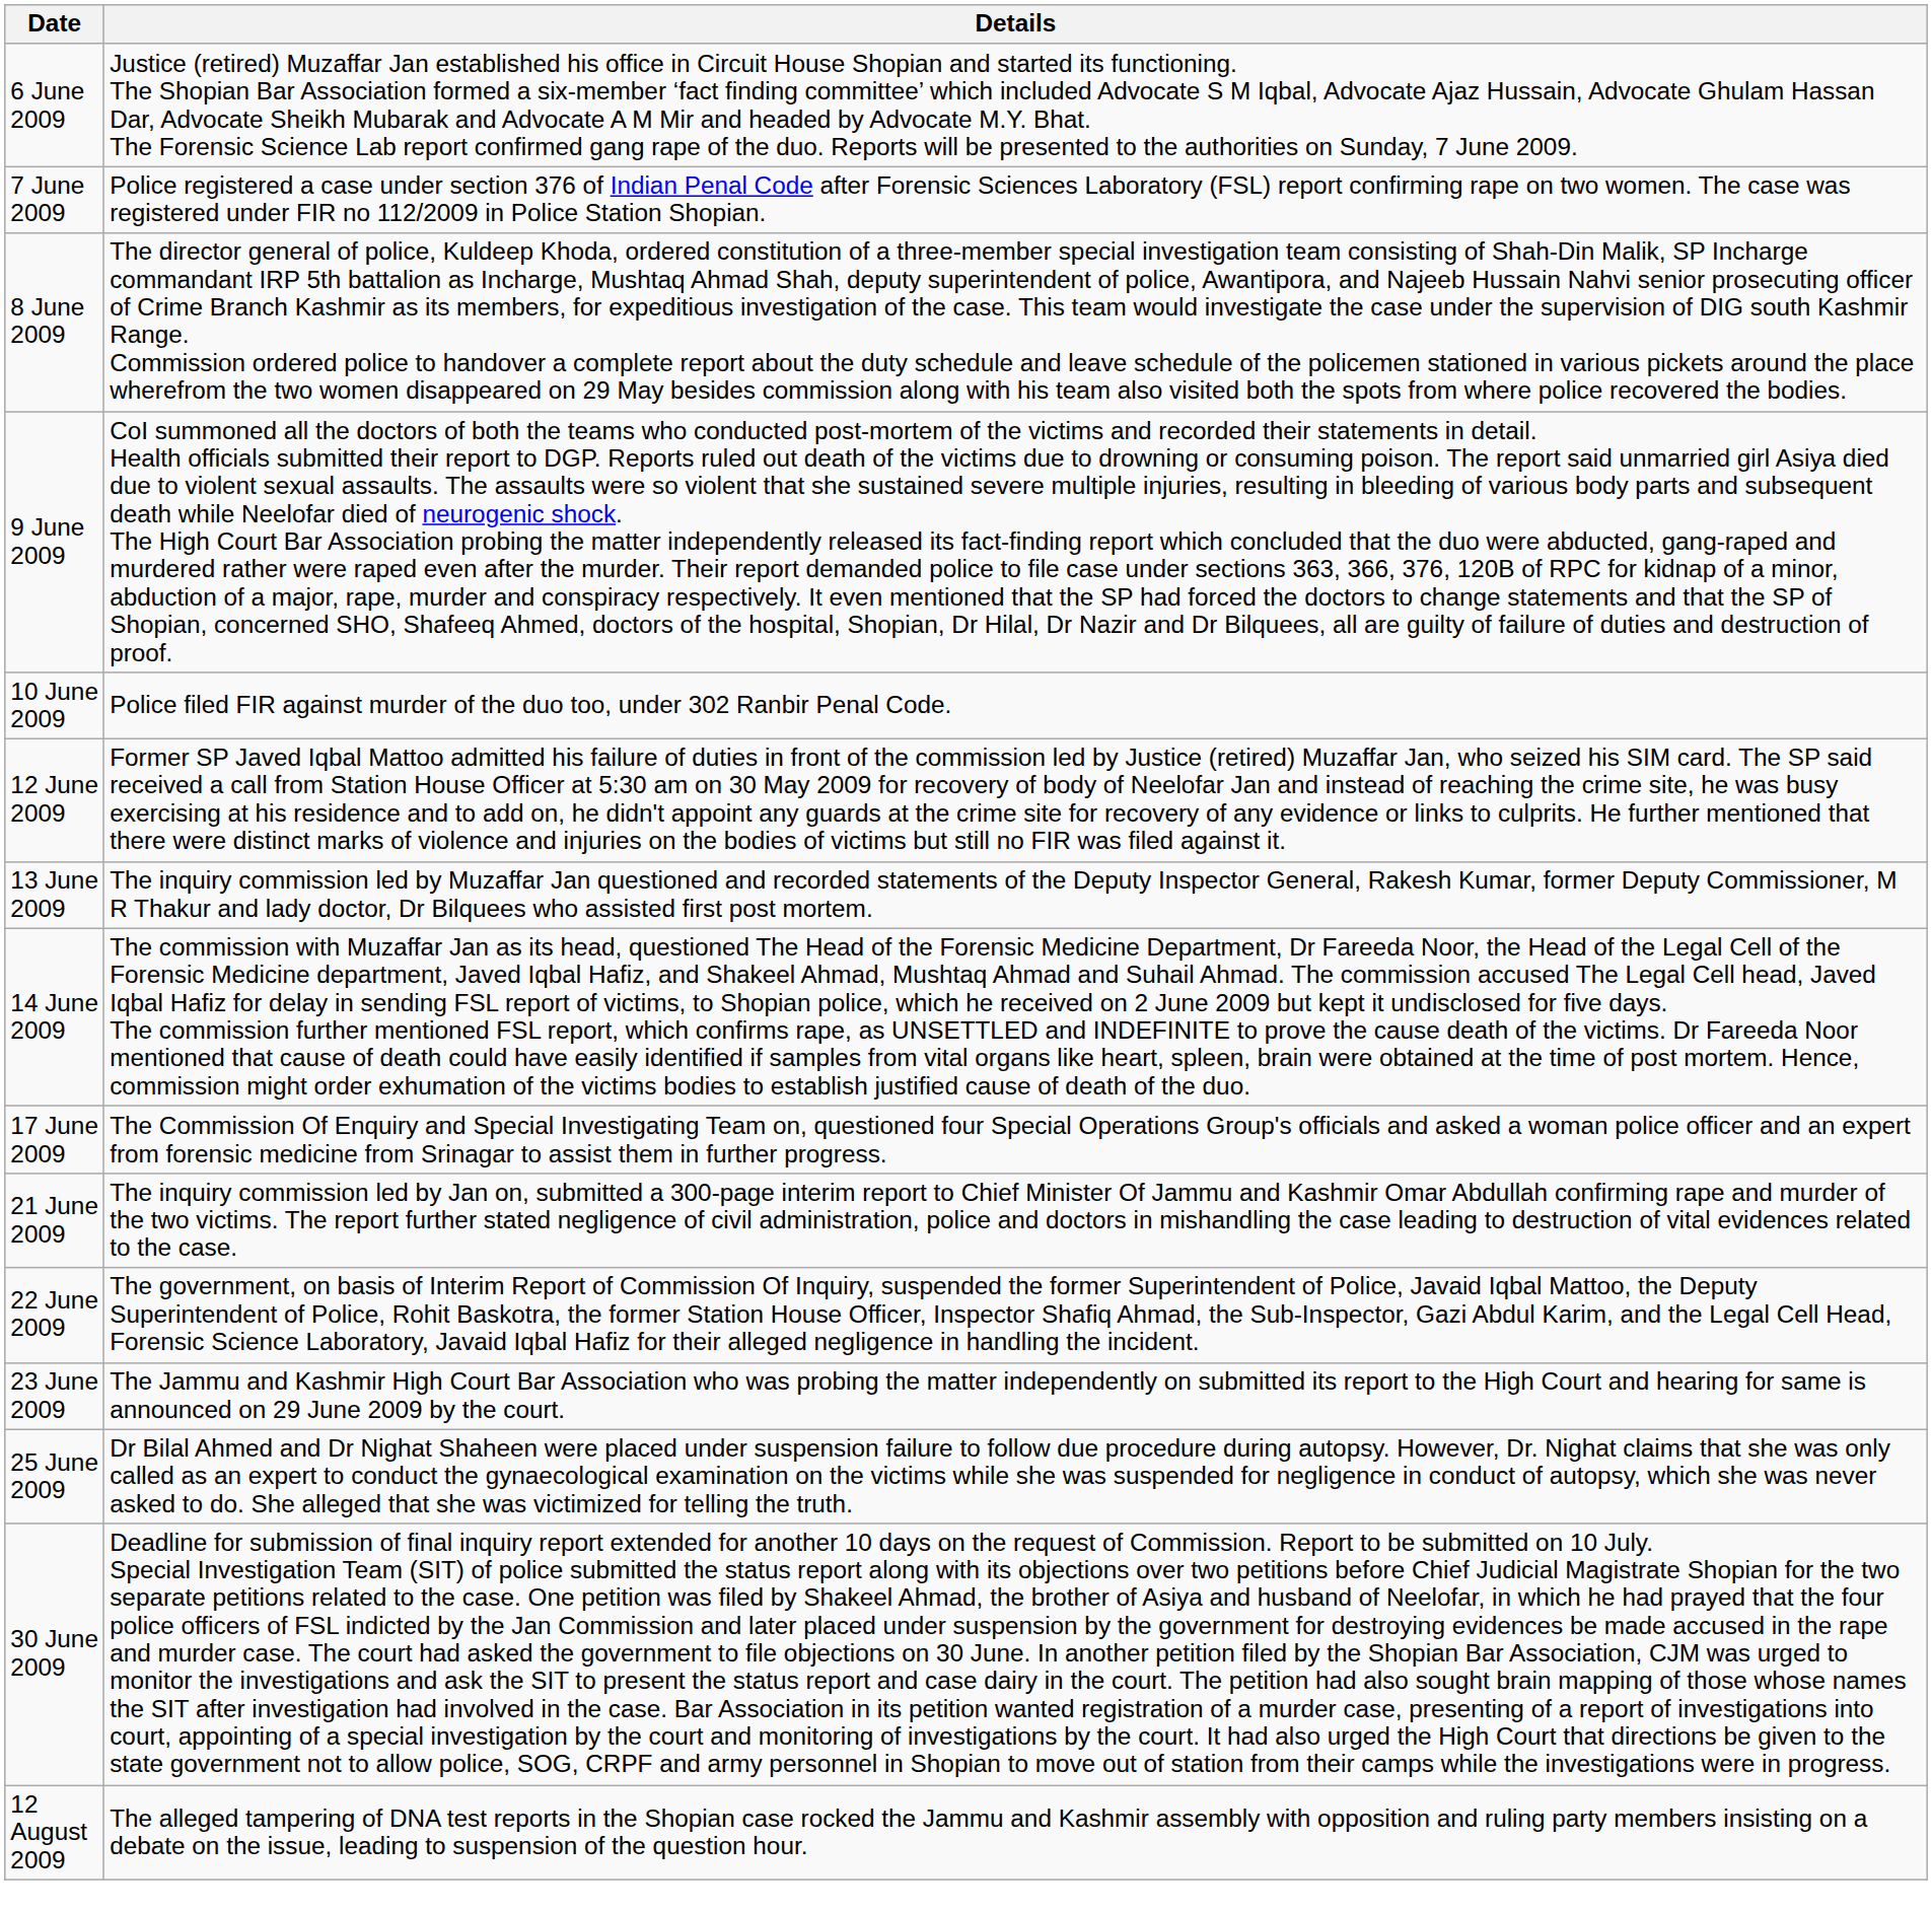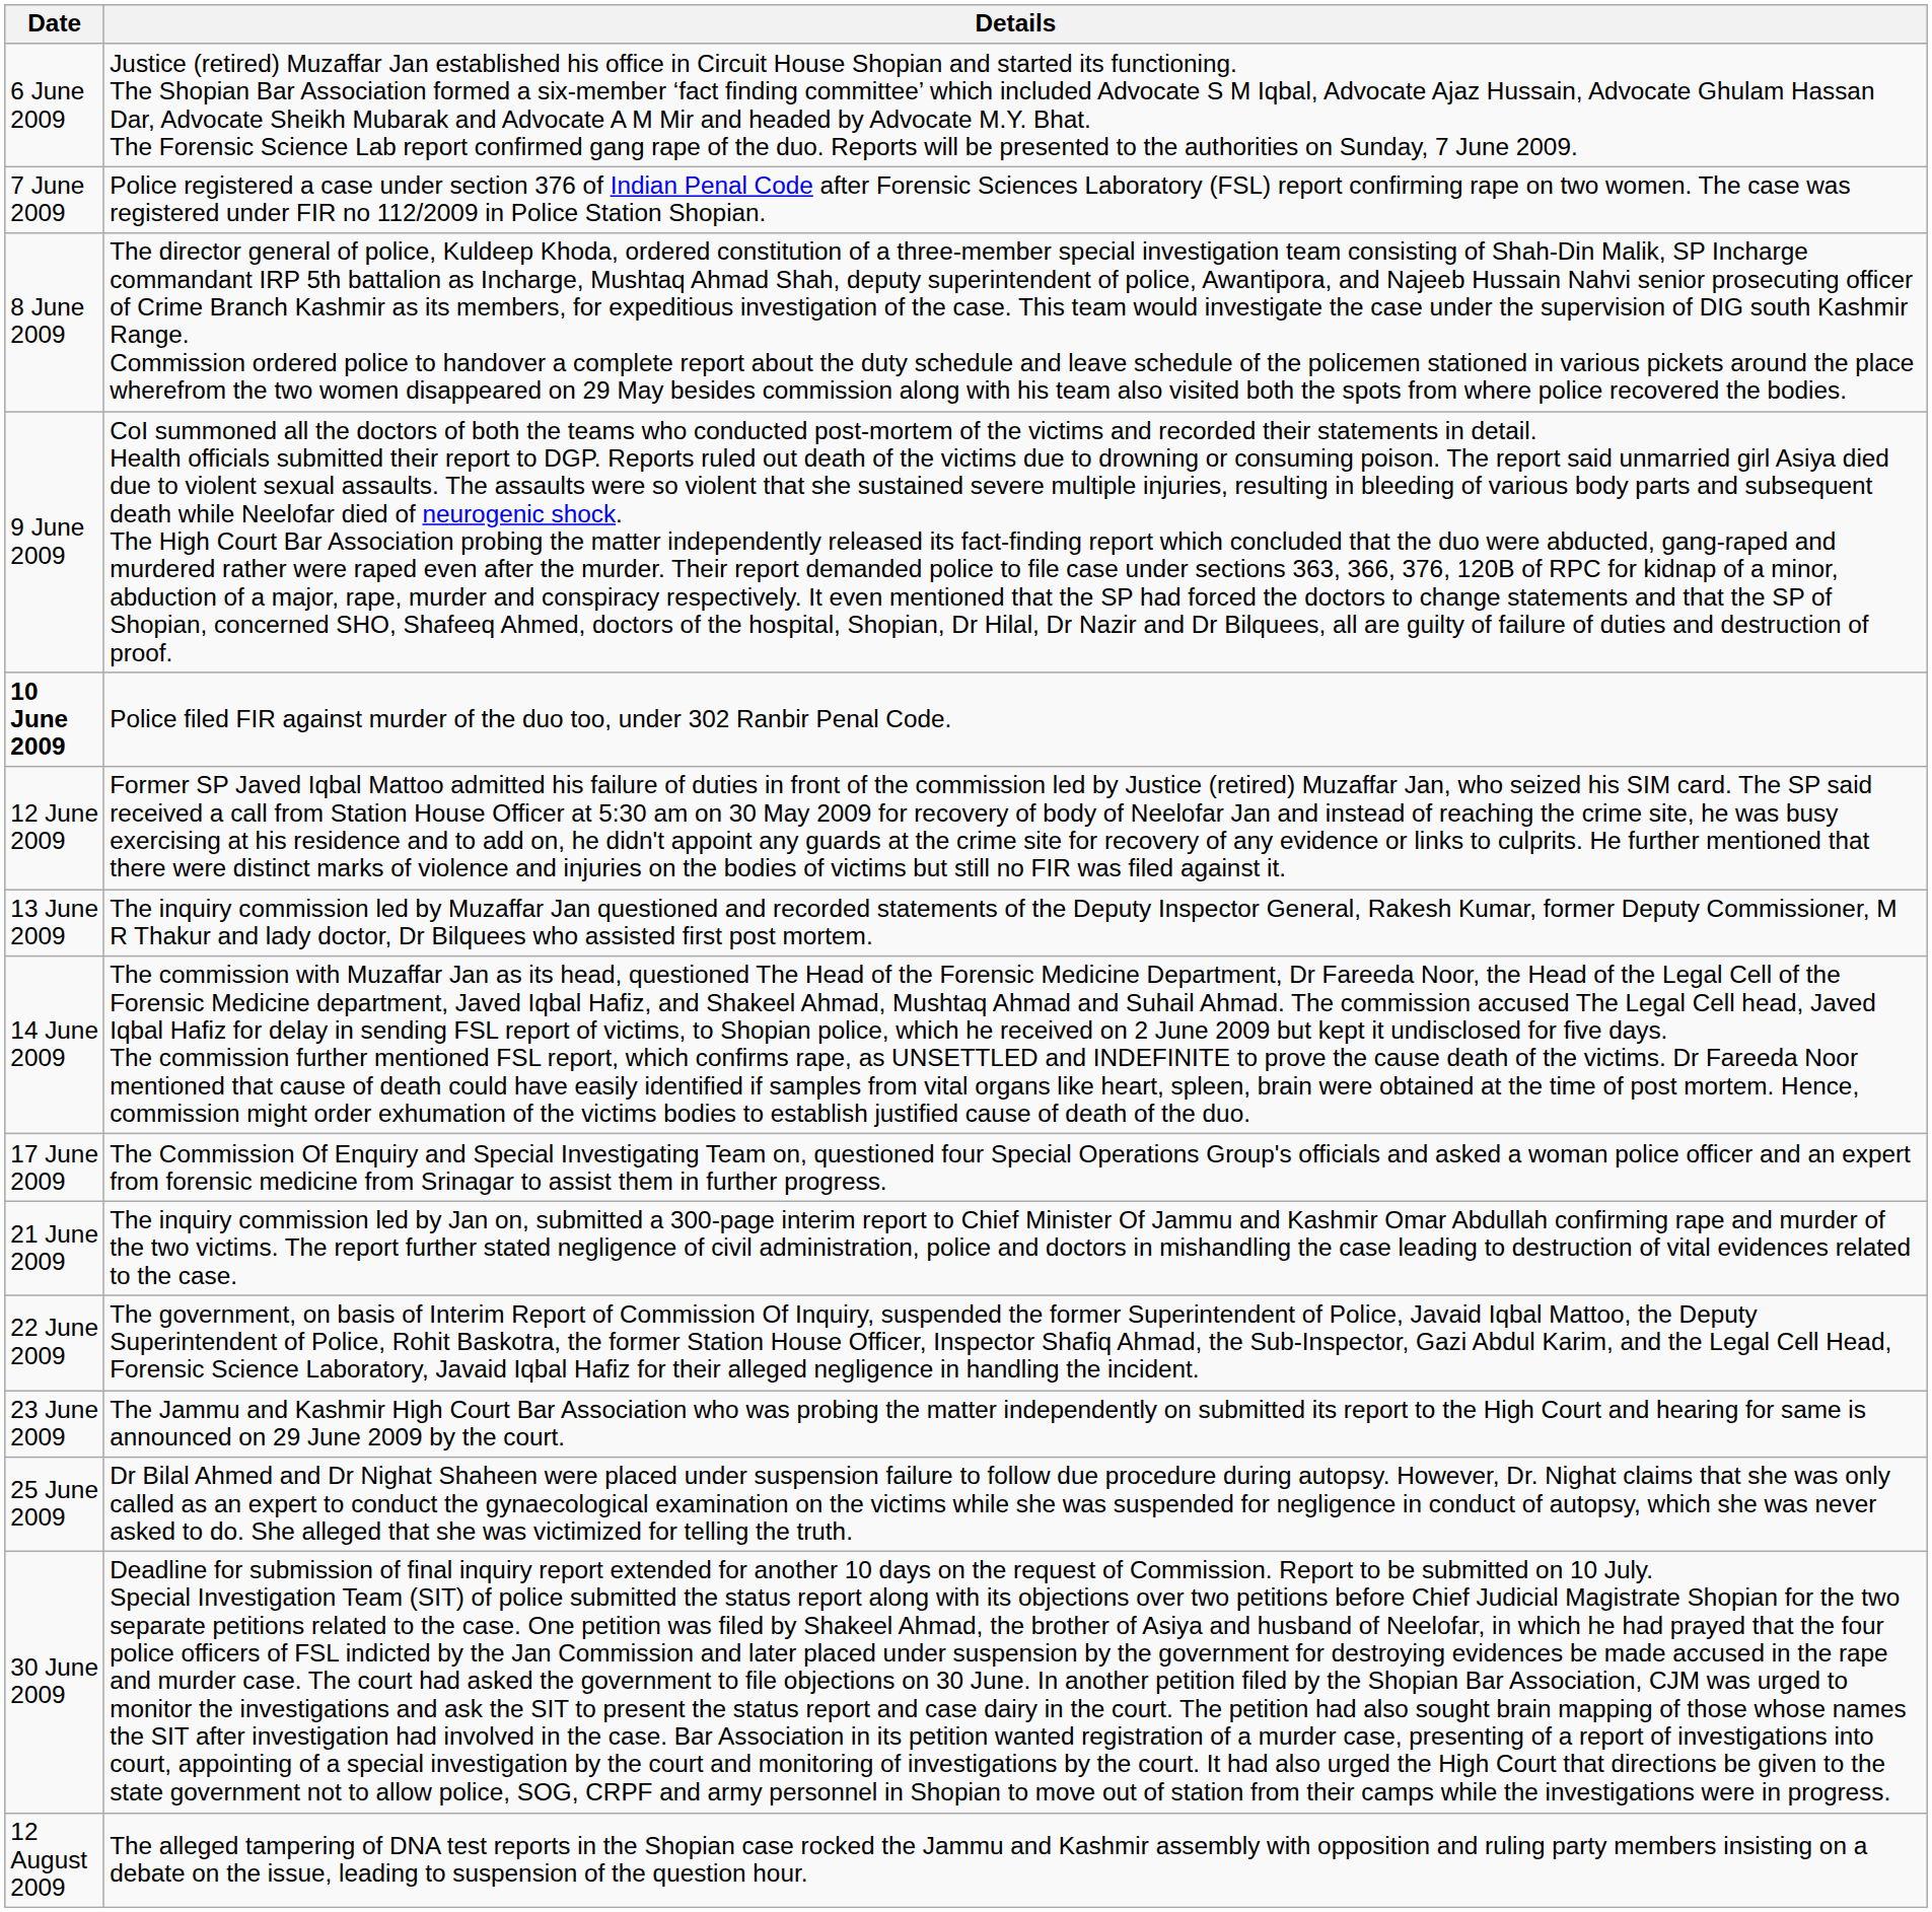 <table class="wikitable">
 <tr>
 <th>Date</th>
 <th>Details</th>
 </tr>
 <tr>
 <td>6 June 2009</td>
 <td>Justice (retired) Muzaffar Jan established his office in Circuit House Shopian and started its functioning.<br>The Shopian Bar Association formed a six-member ‘fact finding committee’ which included Advocate S M Iqbal, Advocate Ajaz Hussain, Advocate Ghulam Hassan Dar, Advocate Sheikh Mubarak and Advocate A M Mir and headed by Advocate M.Y. Bhat.<br>The Forensic Science Lab report confirmed gang rape of the duo. Reports will be presented to the authorities on Sunday, 7 June 2009.</td>
 </tr>
 <tr>
 <td>7 June 2009</td>
 <td>Police registered a case under section 376 of <a href='#'>Indian Penal Code</a> after Forensic Sciences Laboratory (FSL) report confirming rape on two women. The case was registered under FIR no 112/2009 in Police Station Shopian.</td>
 </tr>
 <tr>
 <td>8 June 2009</td>
 <td>The director general of police, Kuldeep Khoda, ordered constitution of a three-member special investigation team consisting of Shah-Din Malik, SP Incharge commandant IRP 5th battalion as Incharge, Mushtaq Ahmad Shah, deputy superintendent of police, Awantipora, and Najeeb Hussain Nahvi senior prosecuting officer of Crime Branch Kashmir as its members, for expeditious investigation of the case. This team would investigate the case under the supervision of DIG south Kashmir Range.<br>Commission ordered police to handover a complete report about the duty schedule and leave schedule of the policemen stationed in various pickets around the place wherefrom the two women disappeared on 29 May besides commission along with his team also visited both the spots from where police recovered the bodies.</td>
 </tr>
 <tr>
 <td>9 June 2009</td>
 <td>CoI summoned all the doctors of both the teams who conducted post-mortem of the victims and recorded their statements in detail.<br>Health officials submitted their report to DGP. Reports ruled out death of the victims due to drowning or consuming poison. The report said unmarried girl Asiya died due to violent sexual assaults. The assaults were so violent that she sustained severe multiple injuries, resulting in bleeding of various body parts and subsequent death while Neelofar died of <a href='#'>neurogenic shock</a>.<br>The High Court Bar Association probing the matter independently released its fact-finding report which concluded that the duo were abducted, gang-raped and murdered rather were raped even after the murder. Their report demanded police to file case under sections 363, 366, 376, 120B of RPC for kidnap of a minor, abduction of a major, rape, murder and conspiracy respectively. It even mentioned that the SP had forced the doctors to change statements and that the SP of Shopian, concerned SHO, Shafeeq Ahmed, doctors of the hospital, Shopian, Dr Hilal, Dr Nazir and Dr Bilquees, all are guilty of failure of duties and destruction of proof.</td>
 </tr>
 <tr>
-<td>10 June 2009</td>
+<td><strong>10 June 2009</strong></td>
 <td>Police filed FIR against murder of the duo too, under 302 Ranbir Penal Code.</td>
 </tr>
 <tr>
 <td>12 June 2009</td>
 <td>Former SP Javed Iqbal Mattoo admitted his failure of duties in front of the commission led by Justice (retired) Muzaffar Jan, who seized his SIM card. The SP said received a call from Station House Officer at 5:30 am on 30 May 2009 for recovery of body of Neelofar Jan and instead of reaching the crime site, he was busy exercising at his residence and to add on, he didn't appoint any guards at the crime site for recovery of any evidence or links to culprits. He further mentioned that there were distinct marks of violence and injuries on the bodies of victims but still no FIR was filed against it.</td>
 </tr>
 <tr>
 <td>13 June 2009</td>
 <td>The inquiry commission led by Muzaffar Jan questioned and recorded statements of the Deputy Inspector General, Rakesh Kumar, former Deputy Commissioner, M R Thakur and lady doctor, Dr Bilquees who assisted first post mortem.</td>
 </tr>
 <tr>
 <td>14 June 2009</td>
 <td>The commission with Muzaffar Jan as its head, questioned The Head of the Forensic Medicine Department, Dr Fareeda Noor, the Head of the Legal Cell of the Forensic Medicine department, Javed Iqbal Hafiz, and Shakeel Ahmad, Mushtaq Ahmad and Suhail Ahmad. The commission accused The Legal Cell head, Javed Iqbal Hafiz for delay in sending FSL report of victims, to Shopian police, which he received on 2 June 2009 but kept it undisclosed for five days.<br>The commission further mentioned FSL report, which confirms rape, as UNSETTLED and INDEFINITE to prove the cause death of the victims. Dr Fareeda Noor mentioned that cause of death could have easily identified if samples from vital organs like heart, spleen, brain were obtained at the time of post mortem. Hence, commission might order exhumation of the victims bodies to establish justified cause of death of the duo.</td>
 </tr>
 <tr>
 <td>17 June 2009</td>
 <td>The Commission Of Enquiry and Special Investigating Team on, questioned four Special Operations Group's officials and asked a woman police officer and an expert from forensic medicine from Srinagar to assist them in further progress.</td>
 </tr>
 <tr>
 <td>21 June 2009</td>
 <td>The inquiry commission led by Jan on, submitted a 300-page interim report to Chief Minister Of Jammu and Kashmir Omar Abdullah confirming rape and murder of the two victims. The report further stated negligence of civil administration, police and doctors in mishandling the case leading to destruction of vital evidences related to the case.</td>
 </tr>
 <tr>
 <td>22 June 2009</td>
 <td>The government, on basis of Interim Report of Commission Of Inquiry, suspended the former Superintendent of Police, Javaid Iqbal Mattoo, the Deputy Superintendent of Police, Rohit Baskotra, the former Station House Officer, Inspector Shafiq Ahmad, the Sub-Inspector, Gazi Abdul Karim, and the Legal Cell Head, Forensic Science Laboratory, Javaid Iqbal Hafiz for their alleged negligence in handling the incident.</td>
 </tr>
 <tr>
 <td>23 June 2009</td>
 <td>The Jammu and Kashmir High Court Bar Association who was probing the matter independently on submitted its report to the High Court and hearing for same is announced on 29 June 2009 by the court.</td>
 </tr>
 <tr>
 <td>25 June 2009</td>
 <td>Dr Bilal Ahmed and Dr Nighat Shaheen were placed under suspension failure to follow due procedure during autopsy. However, Dr. Nighat claims that she was only called as an expert to conduct the gynaecological examination on the victims while she was suspended for negligence in conduct of autopsy, which she was never asked to do. She alleged that she was victimized for telling the truth.</td>
 </tr>
 <tr>
 <td>30 June 2009</td>
 <td>Deadline for submission of final inquiry report extended for another 10 days on the request of Commission. Report to be submitted on 10 July.<br>Special Investigation Team (SIT) of police submitted the status report along with its objections over two petitions before Chief Judicial Magistrate Shopian for the two separate petitions related to the case. One petition was filed by Shakeel Ahmad, the brother of Asiya and husband of Neelofar, in which he had prayed that the four police officers of FSL indicted by the Jan Commission and later placed under suspension by the government for destroying evidences be made accused in the rape and murder case. The court had asked the government to file objections on 30 June. In another petition filed by the Shopian Bar Association, CJM was urged to monitor the investigations and ask the SIT to present the status report and case dairy in the court. The petition had also sought brain mapping of those whose names the SIT after investigation had involved in the case. Bar Association in its petition wanted registration of a murder case, presenting of a report of investigations into court, appointing of a special investigation by the court and monitoring of investigations by the court. It had also urged the High Court that directions be given to the state government not to allow police, SOG, CRPF and army personnel in Shopian to move out of station from their camps while the investigations were in progress.</td>
 </tr>
 <tr>
 <td>12 August 2009</td>
 <td>The alleged tampering of DNA test reports in the Shopian case rocked the Jammu and Kashmir assembly with opposition and ruling party members insisting on a debate on the issue, leading to suspension of the question hour.</td>
 </tr>
 </table>
